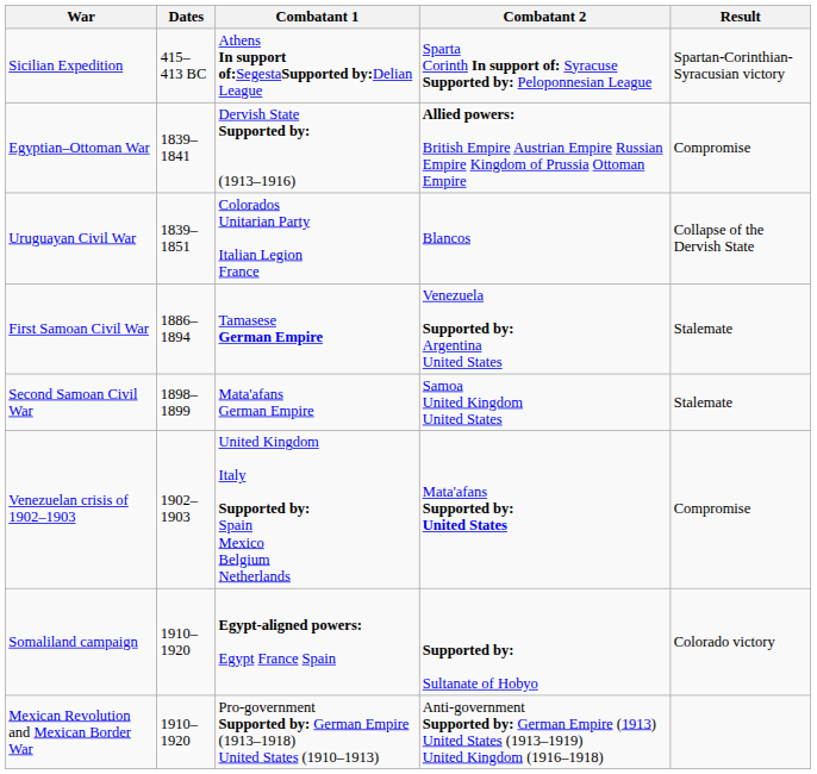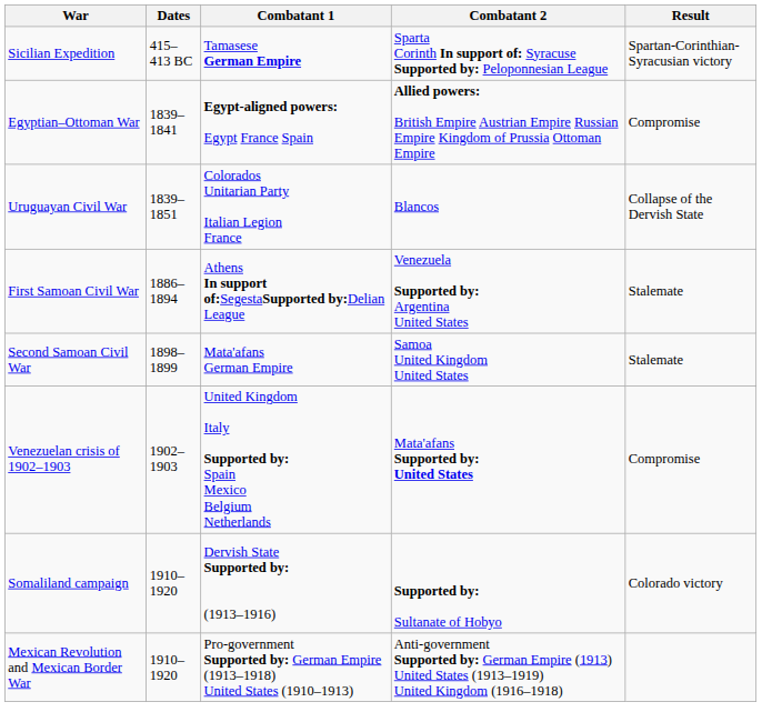 <table class=wikitable border=1>
 <tr>
 <th>War</th>
 <th>Dates</th>
 <th>Combatant 1</th>
 <th>Combatant 2</th>
 <th>Result</th>
 </tr>
 <tr>
 <td><a href='#'>Sicilian Expedition</a></td>
 <td>415–413 BC</td>
-<td><a href='#'>Athens</a><br><strong>In support of:</strong><a href='#'>Segesta</a><strong>Supported by:</strong><a href='#'>Delian League</a></td>
+<td> <a href='#'>Tamasese</a><br> <strong><a href='#'>German Empire</a></strong></td>
 <td><a href='#'>Sparta</a><br><a href='#'>Corinth</a> <strong>In support of:</strong> <a href='#'>Syracuse</a> <strong>Supported by:</strong> <a href='#'>Peloponnesian League</a></td>
 <td>Spartan-Corinthian-Syracusian victory</td>
 </tr>
 <tr>
 <td><a href='#'>Egyptian–Ottoman War</a></td>
 <td>1839–1841</td>
-<td> <a href='#'>Dervish State</a><br><strong>Supported by:</strong><br><br><br> (1913–1916)</td>
+<td><strong>Egypt-aligned powers:</strong><br><br> <a href='#'>Egypt</a>  <a href='#'>France</a> <a href='#'>Spain</a></td>
 <td><strong>Allied powers:</strong><br><br> <a href='#'>British Empire</a>  <a href='#'>Austrian Empire</a>  <a href='#'>Russian Empire</a>  <a href='#'>Kingdom of Prussia</a>  <a href='#'>Ottoman Empire</a></td>
 <td>Compromise</td>
 </tr>
 <tr>
 <td><a href='#'>Uruguayan Civil War</a></td>
 <td>1839–1851</td>
 <td> <a href='#'>Colorados</a><br> <a href='#'>Unitarian Party</a><br><br> <a href='#'>Italian Legion</a> <br> <a href='#'>France</a><br></td>
 <td> <a href='#'>Blancos</a><br></td>
 <td>Collapse of the Dervish State</td>
 </tr>
 <tr>
 <td><a href='#'>First Samoan Civil War</a></td>
 <td>1886–1894</td>
-<td> <a href='#'>Tamasese</a><br> <strong><a href='#'>German Empire</a></strong></td>
+<td><a href='#'>Athens</a><br><strong>In support of:</strong><a href='#'>Segesta</a><strong>Supported by:</strong><a href='#'>Delian League</a></td>
 <td> <a href='#'>Venezuela</a><br><br><strong>Supported by:</strong><br> <a href='#'>Argentina</a><br> <a href='#'>United States</a></td>
 <td>Stalemate</td>
 </tr>
 <tr>
 <td><a href='#'>Second Samoan Civil War</a></td>
 <td>1898–1899</td>
 <td> <a href='#'>Mata'afans</a><br> <a href='#'>German Empire</a></td>
 <td> <a href='#'>Samoa</a><br> <a href='#'>United Kingdom</a> <br> <a href='#'>United States</a></td>
 <td>Stalemate</td>
 </tr>
 <tr>
 <td><a href='#'>Venezuelan crisis of 1902–1903</a></td>
 <td>1902–1903</td>
 <td> <a href='#'>United Kingdom</a><br><br> <a href='#'>Italy</a><br><br><strong>Supported by:</strong><br> <a href='#'>Spain</a> <br> <a href='#'>Mexico</a> <br> <a href='#'>Belgium</a> <br> <a href='#'>Netherlands</a></td>
 <td> <a href='#'>Mata'afans</a><br><strong>Supported by:</strong><br> <strong><a href='#'>United States</a></strong></td>
 <td>Compromise</td>
 </tr>
 <tr>
 <td><a href='#'>Somaliland campaign</a></td>
 <td>1910–1920</td>
-<td><strong>Egypt-aligned powers:</strong><br><br> <a href='#'>Egypt</a>  <a href='#'>France</a> <a href='#'>Spain</a></td>
+<td> <a href='#'>Dervish State</a><br><strong>Supported by:</strong><br><br><br> (1913–1916)</td>
 <td><br><br><br><strong>Supported by:</strong><br><br> <a href='#'>Sultanate of Hobyo</a></td>
 <td>Colorado victory</td>
 </tr>
 <tr>
 <td><a href='#'>Mexican Revolution</a> and <a href='#'>Mexican Border War</a></td>
 <td>1910–1920</td>
 <td {{nowrap>Pro-government<br><strong>Supported by:</strong>  <a href='#'>German Empire</a> (1913–1918)<br> <a href='#'>United States</a> (1910–1913)</td>
 <td {{nowrap>Anti-government<br><strong>Supported by:</strong>  <a href='#'>German Empire</a> (<a href='#'>1913</a>)<br> <a href='#'>United States</a> (1913–1919)<br> <a href='#'>United Kingdom</a> (1916–1918)</td>
 <td></td>
 </tr>
 </table>
